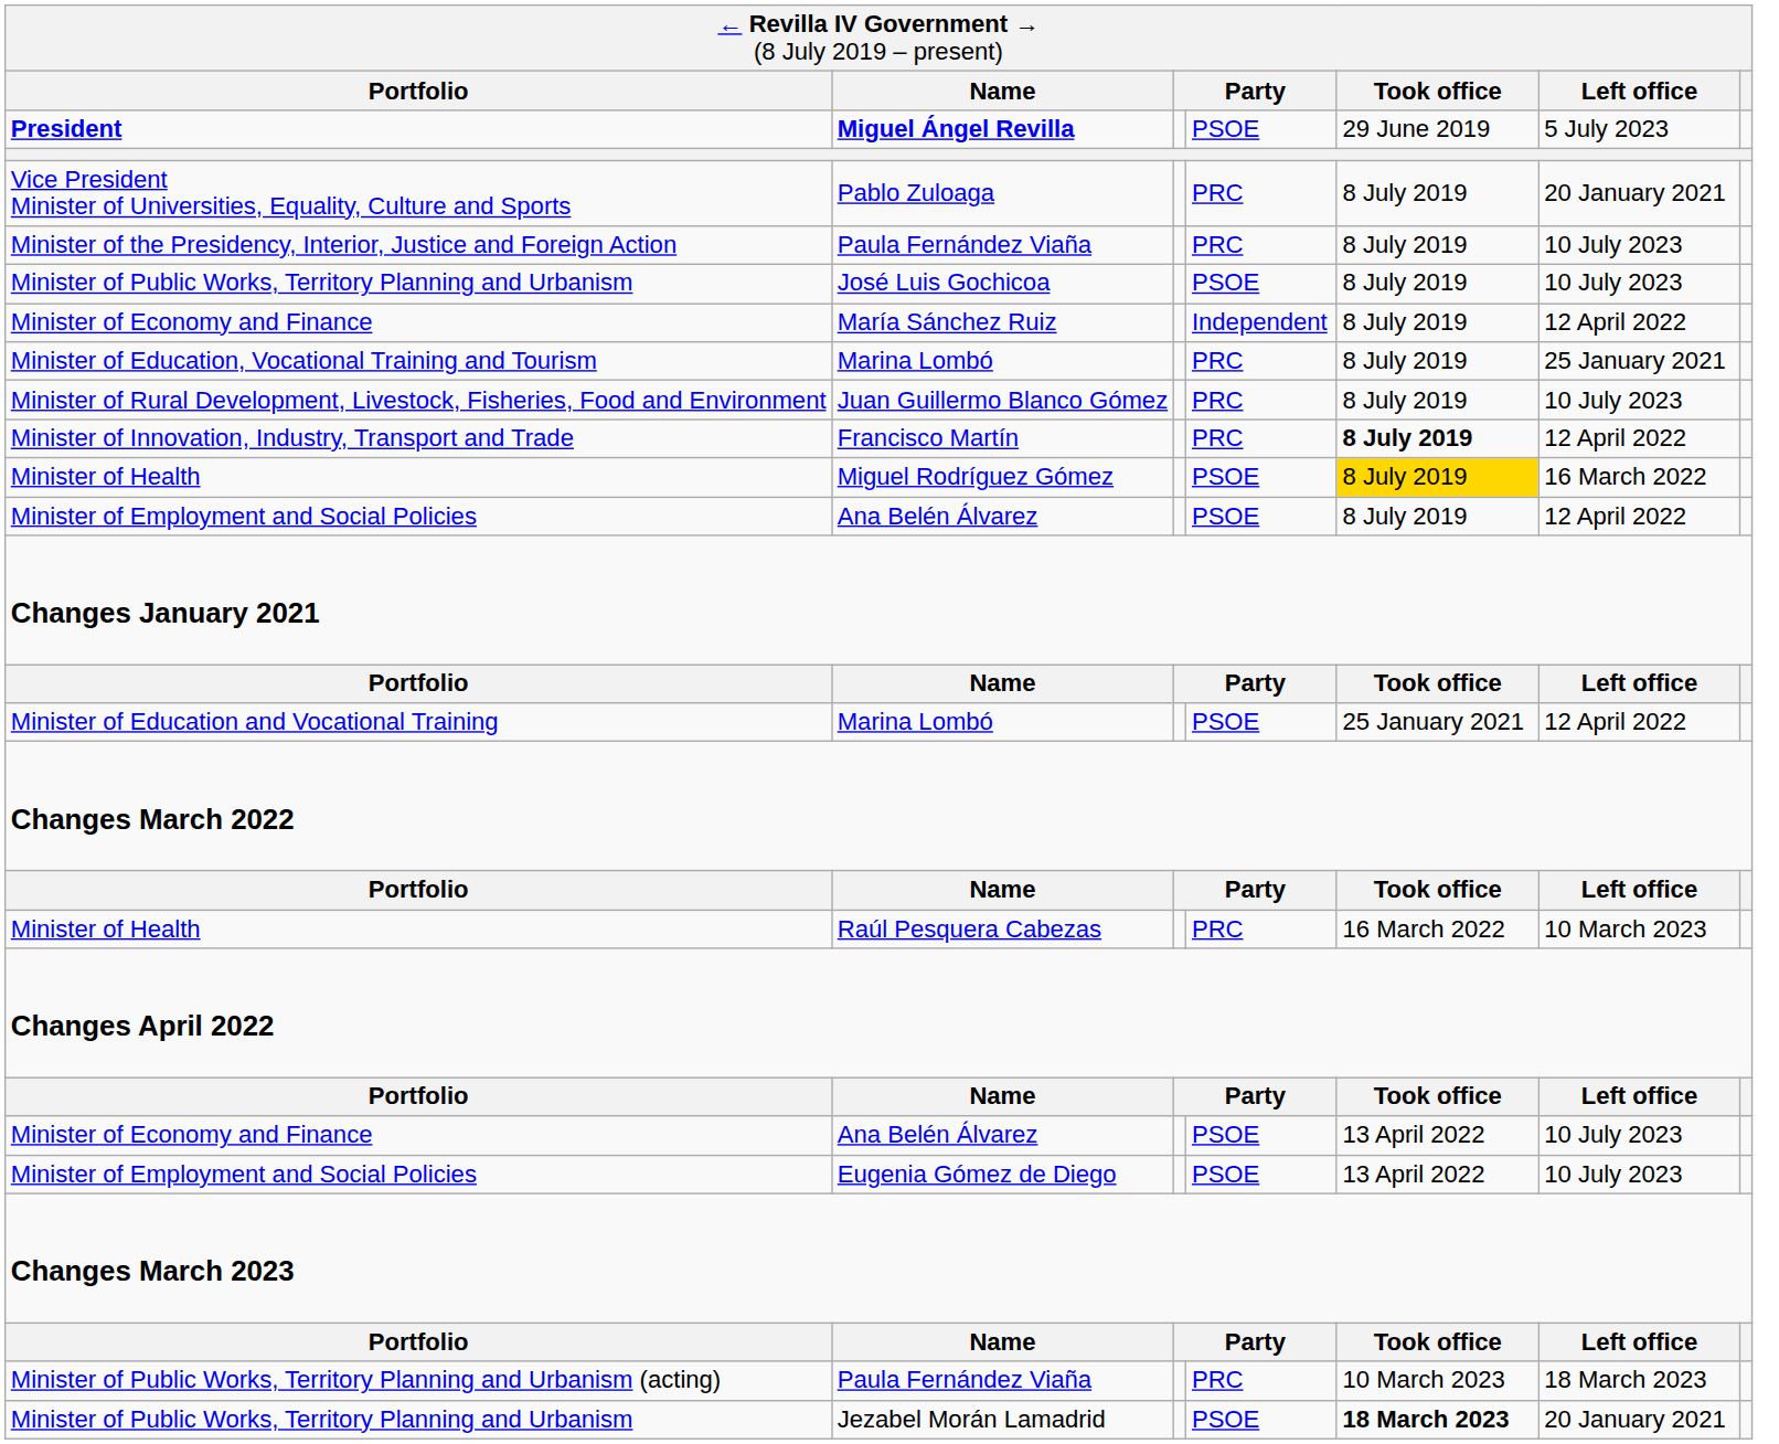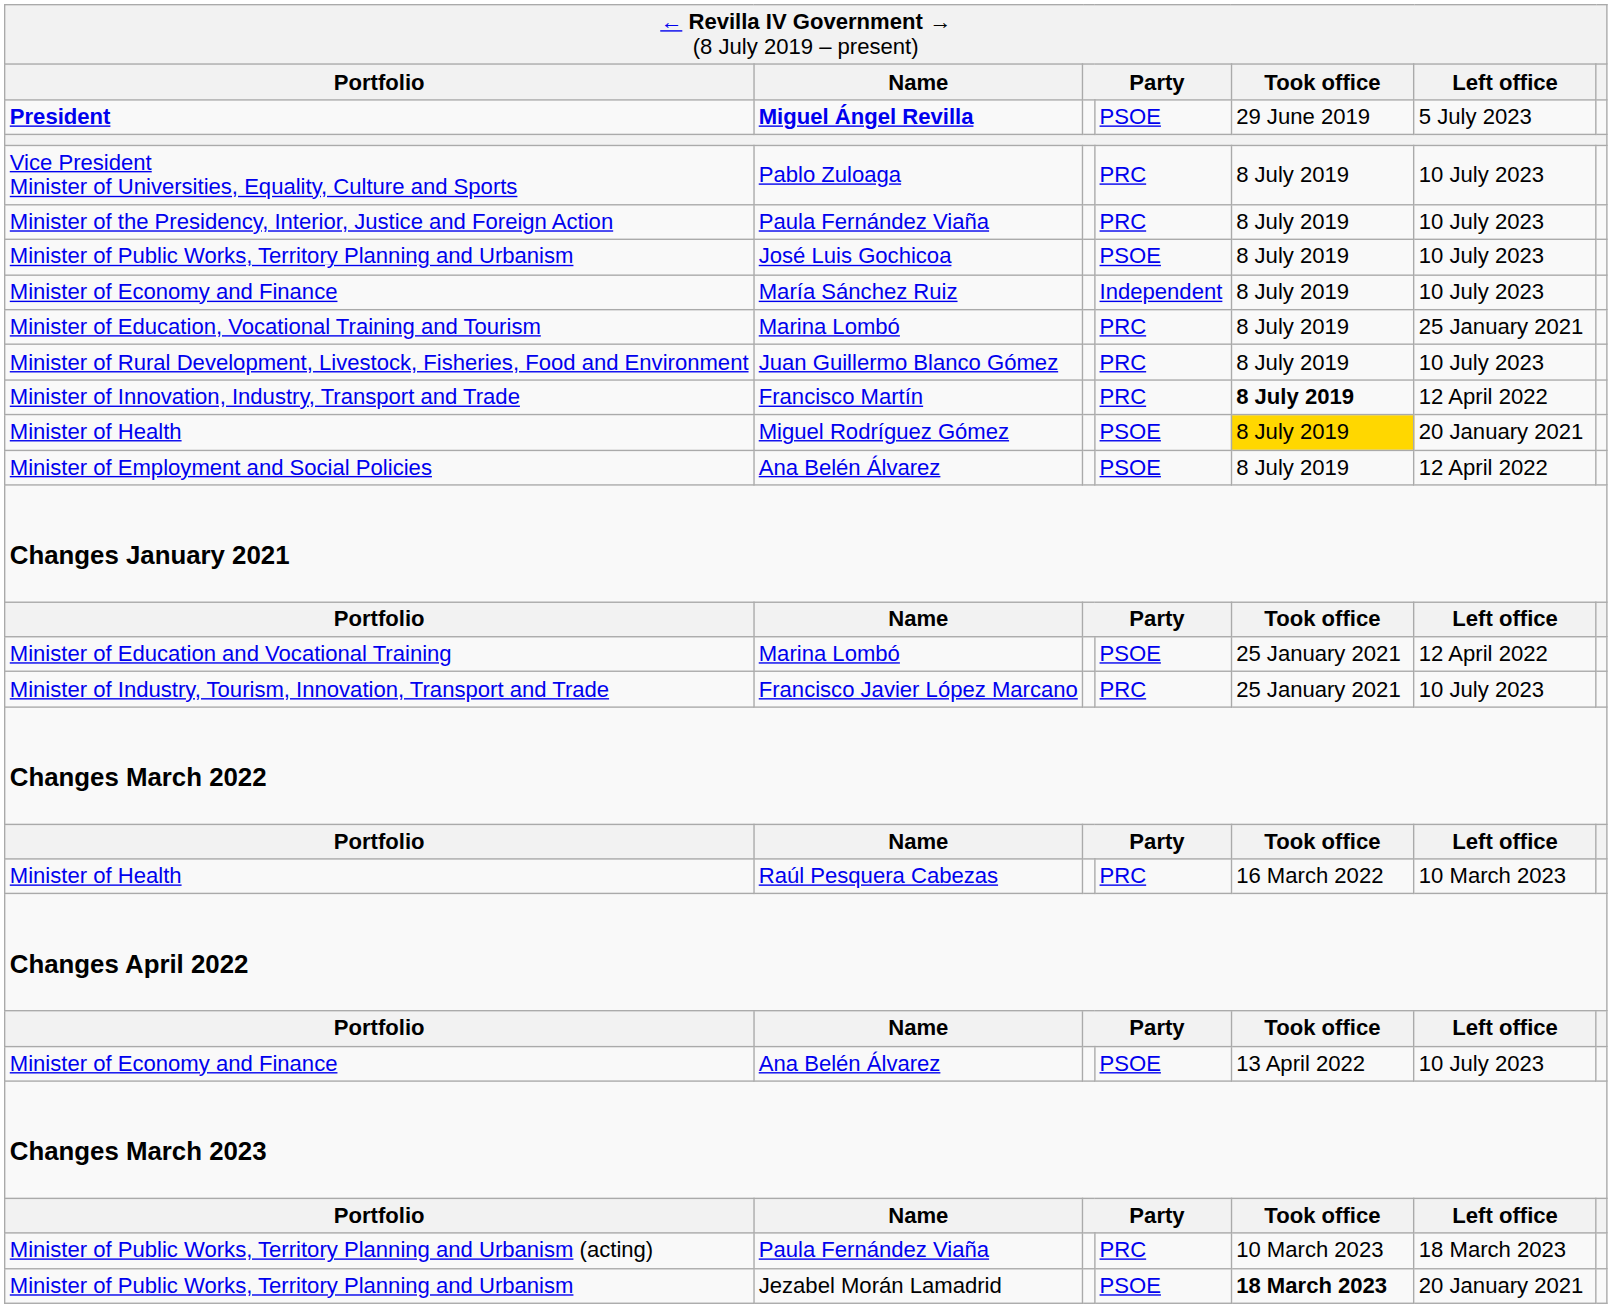 <table class="wikitable">
 <tr>
 <td colspan="7" bgcolor="#F2F2F2" align="center"><a href='#'>←</a> <strong>Revilla IV Government</strong> →<br>(8 July 2019 – present)</td>
 </tr>
 <tr>
 <th>Portfolio</th>
 <th>Name</th>
 <th width="100px" colspan="2">Party</th>
 <th width="125px">Took office</th>
 <th width="125px">Left office</th>
 <th></th>
 </tr>
 <tr>
 <td><strong><a href='#'>President</a></strong></td>
 <td><strong><a href='#'>Miguel Ángel Revilla</a></strong></td>
 <td width="1" style="background-color:"></td>
 <td><a href='#'>PSOE</a></td>
 <td>29 June 2019</td>
 <td>5 July 2023</td>
 <td align="center"></td>
 </tr>
 <tr>
 <th colspan="7"></th>
 </tr>
 <tr>
 <td><a href='#'>Vice President</a><br><a href='#'>Minister of Universities, Equality, Culture and Sports</a></td>
 <td><a href='#'>Pablo Zuloaga</a></td>
 <td style="background-color:"></td>
 <td><a href='#'>PRC</a></td>
 <td>8 July 2019</td>
-<td>20 January 2021</td>
+<td>10 July 2023</td>
 <td align="center"></td>
 </tr>
 <tr>
 <td><a href='#'>Minister of the Presidency, Interior, Justice and Foreign Action</a></td>
 <td><a href='#'>Paula Fernández Viaña</a></td>
 <td style="background-color:"></td>
 <td><a href='#'>PRC</a></td>
 <td>8 July 2019</td>
 <td>10 July 2023</td>
 <td align="center"></td>
 </tr>
 <tr>
 <td><a href='#'>Minister of Public Works, Territory Planning and Urbanism</a></td>
 <td><a href='#'>José Luis Gochicoa</a></td>
 <td style="background-color:"></td>
 <td><a href='#'>PSOE</a></td>
 <td>8 July 2019</td>
 <td>10 July 2023</td>
 <td align="center"></td>
 </tr>
 <tr>
 <td><a href='#'>Minister of Economy and Finance</a></td>
 <td><a href='#'>María Sánchez Ruiz</a></td>
 <td style="background-color:"></td>
 <td><a href='#'>Independent</a></td>
 <td>8 July 2019</td>
-<td>12 April 2022</td>
+<td>10 July 2023</td>
 <td align="center"></td>
 </tr>
 <tr>
 <td><a href='#'>Minister of Education, Vocational Training and Tourism</a></td>
 <td><a href='#'>Marina Lombó</a></td>
 <td style="background-color:"></td>
 <td><a href='#'>PRC</a></td>
 <td>8 July 2019</td>
 <td>25 January 2021</td>
 <td align="center"></td>
 </tr>
 <tr>
 <td><a href='#'>Minister of Rural Development, Livestock, Fisheries, Food and Environment</a></td>
 <td><a href='#'>Juan Guillermo Blanco Gómez</a></td>
 <td style="background-color:"></td>
 <td><a href='#'>PRC</a></td>
 <td>8 July 2019</td>
 <td>10 July 2023</td>
 <td align="center"></td>
 </tr>
 <tr>
 <td><a href='#'>Minister of Innovation, Industry, Transport and Trade</a></td>
 <td><a href='#'>Francisco Martín</a></td>
 <td style="background-color:"></td>
 <td><a href='#'>PRC</a></td>
 <td><strong>8 July 2019</strong></td>
 <td>12 April 2022</td>
 <td align="center"></td>
 </tr>
 <tr>
 <td><a href='#'>Minister of Health</a></td>
 <td><a href='#'>Miguel Rodríguez Gómez</a></td>
 <td style="background-color:"></td>
 <td><a href='#'>PSOE</a></td>
 <td style="background: gold;">8 July 2019</td>
-<td>16 March 2022</td>
+<td>20 January 2021</td>
 <td align="center"></td>
 </tr>
 <tr>
 <td><a href='#'>Minister of Employment and Social Policies</a></td>
 <td><a href='#'>Ana Belén Álvarez</a></td>
 <td style="background-color:"></td>
 <td><a href='#'>PSOE</a></td>
 <td>8 July 2019</td>
 <td>12 April 2022</td>
 <td align="center"></td>
 </tr>
 <tr>
 <td colspan="7"><br><h3>Changes January 2021</h3></td>
 </tr>
 <tr>
 <th>Portfolio</th>
 <th>Name</th>
 <th colspan="2">Party</th>
 <th>Took office</th>
 <th>Left office</th>
 <th></th>
 </tr>
 <tr>
 <td><a href='#'>Minister of Education and Vocational Training</a></td>
 <td><a href='#'>Marina Lombó</a></td>
 <td style="background-color:"></td>
 <td><a href='#'>PSOE</a></td>
 <td>25 January 2021</td>
 <td>12 April 2022</td>
+<td align="center"></td>
+</tr>
+<tr>
+<td><a href='#'>Minister of Industry, Tourism, Innovation, Transport and Trade</a></td>
+<td><a href='#'>Francisco Javier López Marcano</a></td>
+<td style="background-color:"></td>
+<td><a href='#'>PRC</a></td>
+<td>25 January 2021</td>
+<td>10 July 2023</td>
 <td align="center"></td>
 </tr>
 <tr>
 <td colspan="7"><br><h3>Changes March 2022</h3></td>
 </tr>
 <tr>
 <th>Portfolio</th>
 <th>Name</th>
 <th colspan="2">Party</th>
 <th>Took office</th>
 <th>Left office</th>
 <th></th>
 </tr>
 <tr>
 <td><a href='#'>Minister of Health</a></td>
 <td><a href='#'>Raúl Pesquera Cabezas</a></td>
 <td style="background-color:"></td>
 <td><a href='#'>PRC</a></td>
 <td>16 March 2022</td>
 <td>10 March 2023</td>
 <td align="center"></td>
 </tr>
 <tr>
 <td colspan="7"><br><h3>Changes April 2022</h3></td>
 </tr>
 <tr>
 <th>Portfolio</th>
 <th>Name</th>
 <th colspan="2">Party</th>
 <th>Took office</th>
 <th>Left office</th>
 <th></th>
 </tr>
 <tr>
 <td><a href='#'>Minister of Economy and Finance</a></td>
 <td><a href='#'>Ana Belén Álvarez</a></td>
 <td style="background-color:"></td>
 <td><a href='#'>PSOE</a></td>
 <td>13 April 2022</td>
 <td>10 July 2023</td>
 <td align="center"></td>
 </tr>
 <tr>
-<td><a href='#'>Minister of Employment and Social Policies</a></td>
-<td><a href='#'>Eugenia Gómez de Diego</a></td>
-<td style="background-color:"></td>
-<td><a href='#'>PSOE</a></td>
-<td>13 April 2022</td>
-<td>10 July 2023</td>
-<td align="center"></td>
-</tr>
-<tr>
 <td colspan="7"><br><h3>Changes March 2023</h3></td>
 </tr>
 <tr>
 <th>Portfolio</th>
 <th>Name</th>
 <th colspan="2">Party</th>
 <th>Took office</th>
 <th>Left office</th>
 <th></th>
 </tr>
 <tr>
 <td><a href='#'>Minister of Public Works, Territory Planning and Urbanism</a> (acting)</td>
 <td><a href='#'>Paula Fernández Viaña</a></td>
 <td style="background-color:"></td>
 <td><a href='#'>PRC</a></td>
 <td>10 March 2023</td>
 <td>18 March 2023</td>
 <td align="center"></td>
 </tr>
 <tr>
 <td><a href='#'>Minister of Public Works, Territory Planning and Urbanism</a></td>
 <td>Jezabel Morán Lamadrid</td>
 <td style="background-color:"></td>
 <td><a href='#'>PSOE</a></td>
 <td><strong>18 March 2023</strong></td>
 <td>20 January 2021</td>
 <td align="center"></td>
 </tr>
 </table>
